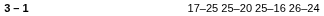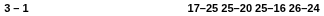 <table>
 <tr>
 <th width=200></th>
 <th width=80></th>
 <th width=200></th>
 <th width=220></th>
 </tr>
 <tr>
 <td align=right><strong></strong></td>
 <td align=center><strong>3 – 1</strong></td>
 <td></td>
-<td>17–25 25–20 25–16 26–24</td>
+<td><strong>17–25 25–20 25–16 26–24</strong></td>
 </tr>
 </table>
